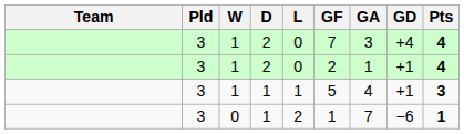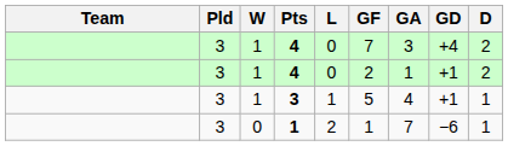 <table class="wikitable" style="text-align: center;">
 <tr>
 <th width="175">Team</th>
 <th width="30">Pld</th>
 <th width="25">W</th>
-<th width="25">D</th>
+<th width="30">Pts</th>
 <th width="25">L</th>
 <th width="30">GF</th>
 <th width="30">GA</th>
 <th width="30">GD</th>
-<th width="30">Pts</th>
+<th width="25">D</th>
 </tr>
 <tr bgcolor="#ccffcc">
 <td align=left></td>
 <td>3</td>
 <td>1</td>
-<td>2</td>
+<td><strong>4</strong></td>
 <td>0</td>
 <td>7</td>
 <td>3</td>
 <td>+4</td>
-<td><strong>4</strong></td>
+<td>2</td>
 </tr>
 <tr bgcolor="#ccffcc">
 <td align=left></td>
 <td>3</td>
 <td>1</td>
-<td>2</td>
+<td><strong>4</strong></td>
 <td>0</td>
 <td>2</td>
 <td>1</td>
 <td>+1</td>
-<td><strong>4</strong></td>
+<td>2</td>
 </tr>
 <tr>
 <td align=left></td>
 <td>3</td>
 <td>1</td>
-<td>1</td>
+<td><strong>3</strong></td>
 <td>1</td>
 <td>5</td>
 <td>4</td>
 <td>+1</td>
-<td><strong>3</strong></td>
+<td>1</td>
 </tr>
 <tr>
 <td align=left></td>
 <td>3</td>
 <td>0</td>
-<td>1</td>
+<td><strong>1</strong></td>
 <td>2</td>
 <td>1</td>
 <td>7</td>
 <td>−6</td>
-<td><strong>1</strong></td>
+<td>1</td>
 </tr>
 </table>
